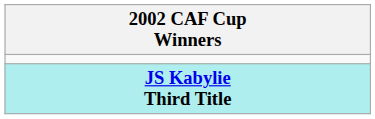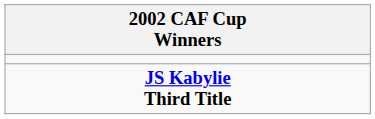 <table class="wikitable" style="text-align: center; margin: 0 auto; width: 20%">
 <tr>
 <th>2002 CAF Cup<br>Winners</th>
 </tr>
 <tr>
 <td></td>
 </tr>
 <tr>
-<td style="background: paleturquoise;"><strong><a href='#'>JS Kabylie</a></strong><br><strong>Third Title</strong></td>
+<td><strong><a href='#'>JS Kabylie</a></strong><br><strong>Third Title</strong></td>
 </tr>
 </table>
